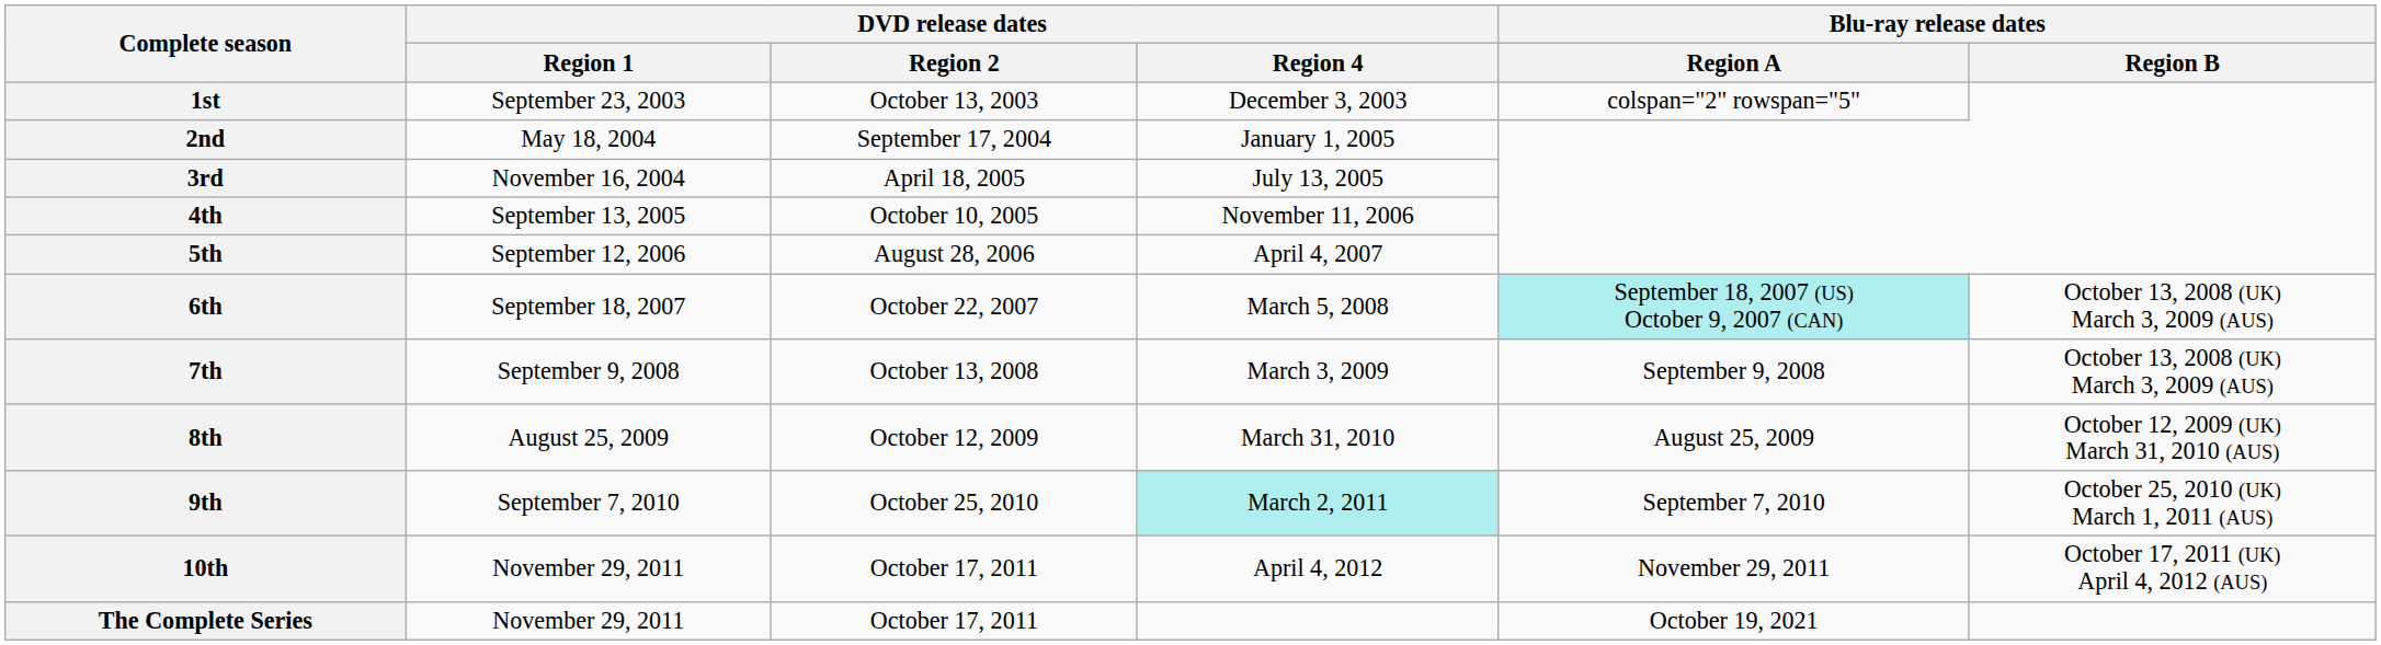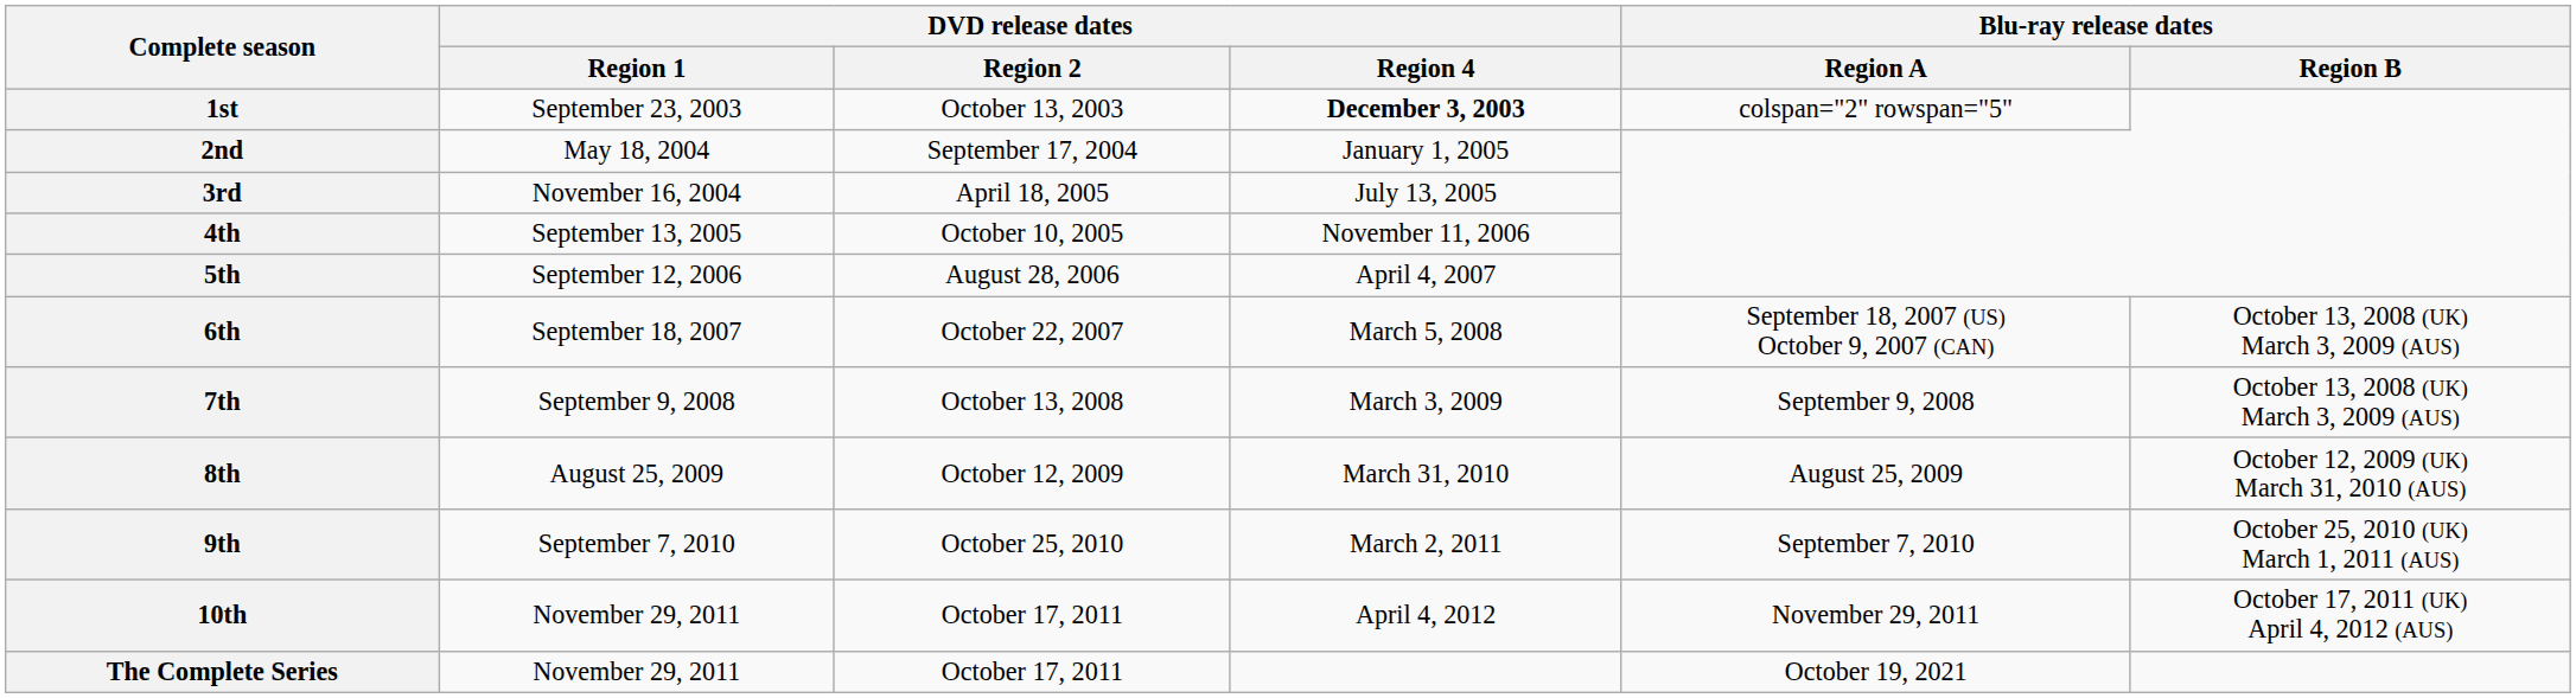 <table class="wikitable" style="width:99%; text-align:center;">
 <tr>
 <th rowspan="2">Complete season</th>
 <th colspan="3">DVD release dates</th>
 <th colspan="2">Blu-ray release dates</th>
 </tr>
 <tr>
 <th>Region 1</th>
 <th>Region 2</th>
 <th>Region 4</th>
 <th>Region A</th>
 <th>Region B</th>
 </tr>
 <tr>
 <th>1st</th>
 <td>September 23, 2003</td>
 <td>October 13, 2003</td>
-<td>December 3, 2003</td>
+<td><strong>December 3, 2003</strong></td>
 <td>colspan="2" rowspan="5" </td>
 </tr>
 <tr>
 <th>2nd</th>
 <td>May 18, 2004</td>
 <td>September 17, 2004</td>
 <td>January 1, 2005</td>
 </tr>
 <tr>
 <th>3rd</th>
 <td>November 16, 2004</td>
 <td>April 18, 2005</td>
 <td>July 13, 2005</td>
 </tr>
 <tr>
 <th>4th</th>
 <td>September 13, 2005</td>
 <td>October 10, 2005</td>
 <td>November 11, 2006</td>
 </tr>
 <tr>
 <th>5th</th>
 <td>September 12, 2006</td>
 <td>August 28, 2006</td>
 <td>April 4, 2007</td>
 </tr>
 <tr>
 <th>6th</th>
 <td>September 18, 2007</td>
 <td>October 22, 2007</td>
 <td>March 5, 2008</td>
-<td style="background: paleturquoise;">September 18, 2007 <small>(US)</small><br>October 9, 2007 <small>(CAN)</small></td>
+<td>September 18, 2007 <small>(US)</small><br>October 9, 2007 <small>(CAN)</small></td>
 <td>October 13, 2008 <small>(UK)</small><br>March 3, 2009 <small>(AUS)</small></td>
 </tr>
 <tr>
 <th>7th</th>
 <td>September 9, 2008</td>
 <td>October 13, 2008</td>
 <td>March 3, 2009</td>
 <td>September 9, 2008</td>
 <td>October 13, 2008 <small>(UK)</small><br>March 3, 2009 <small>(AUS)</small></td>
 </tr>
 <tr>
 <th>8th</th>
 <td>August 25, 2009</td>
 <td>October 12, 2009</td>
 <td>March 31, 2010</td>
 <td>August 25, 2009</td>
 <td>October 12, 2009 <small>(UK)</small><br>March 31, 2010 <small>(AUS)</small></td>
 </tr>
 <tr>
 <th>9th</th>
 <td>September 7, 2010</td>
 <td>October 25, 2010</td>
-<td style="background: paleturquoise;">March 2, 2011</td>
+<td>March 2, 2011</td>
 <td>September 7, 2010</td>
 <td>October 25, 2010 <small>(UK)</small><br>March 1, 2011 <small>(AUS)</small></td>
 </tr>
 <tr>
 <th>10th</th>
 <td>November 29, 2011</td>
 <td>October 17, 2011</td>
 <td>April 4, 2012</td>
 <td>November 29, 2011</td>
 <td>October 17, 2011 <small>(UK)</small><br>April 4, 2012 <small>(AUS)</small></td>
 </tr>
 <tr>
 <th>The Complete Series</th>
 <td>November 29, 2011</td>
 <td>October 17, 2011</td>
 <td></td>
 <td>October 19, 2021</td>
 <td></td>
 </tr>
 </table>
